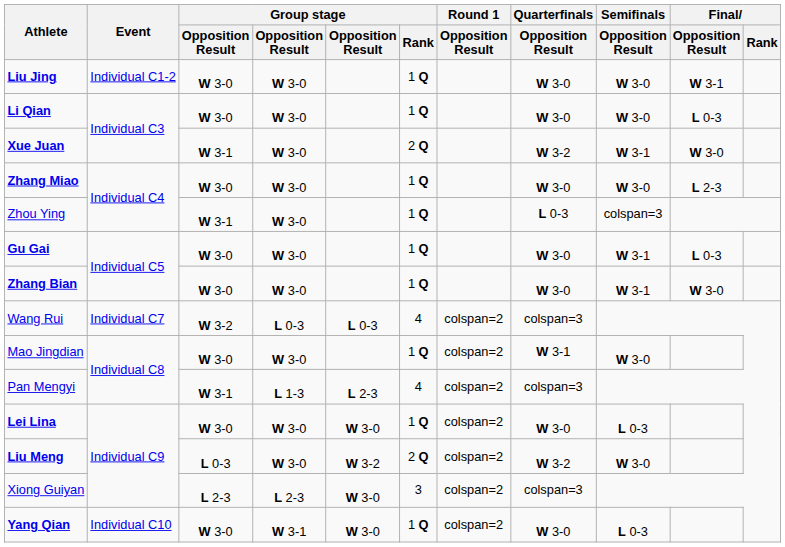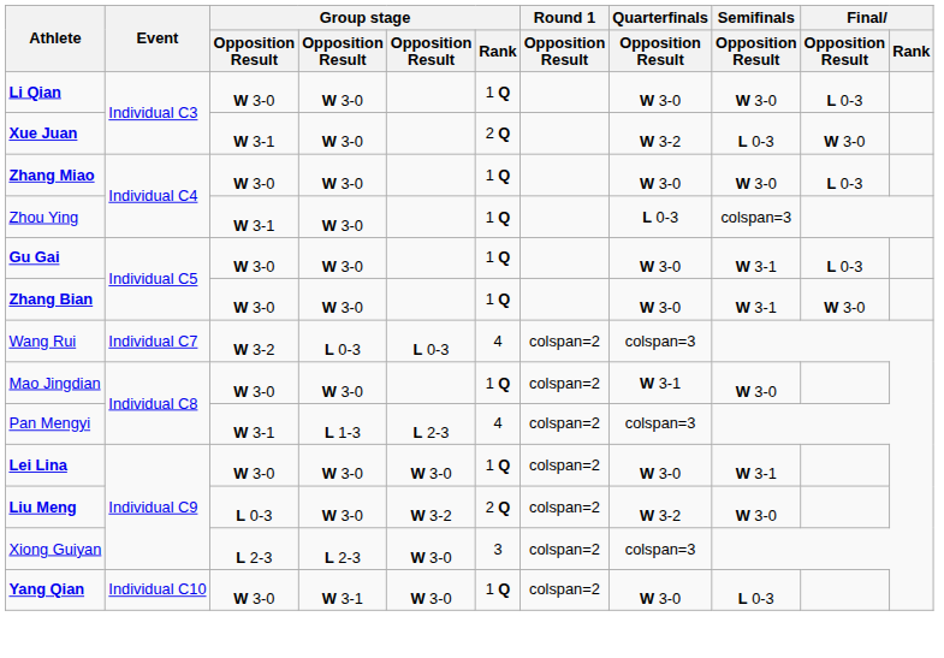 <table class=wikitable style="text-align: center; font-size:90%">
 <tr>
 <th rowspan="2">Athlete</th>
 <th rowspan="2">Event</th>
 <th colspan="4">Group stage</th>
 <th>Round 1</th>
 <th>Quarterfinals</th>
 <th>Semifinals</th>
 <th colspan="2">Final/</th>
 </tr>
 <tr>
 <th>Opposition<br>Result</th>
 <th>Opposition<br>Result</th>
 <th>Opposition<br>Result</th>
 <th>Rank</th>
 <th>Opposition<br>Result</th>
 <th>Opposition<br>Result</th>
 <th>Opposition<br>Result</th>
 <th>Opposition<br>Result</th>
 <th>Rank</th>
 </tr>
 <tr>
-<td align=left><strong><a href='#'>Liu Jing</a></strong></td>
-<td align=left><a href='#'>Individual C1-2</a></td>
-<td><br><strong>W</strong> 3-0</td>
-<td><br><strong>W</strong> 3-0</td>
-<td></td>
-<td>1 <strong>Q</strong></td>
-<td></td>
-<td><br><strong>W</strong> 3-0</td>
-<td><br><strong>W</strong> 3-0</td>
-<td><br><strong>W</strong> 3-1</td>
-<td></td>
-</tr>
-<tr>
 <td align=left><strong><a href='#'>Li Qian</a></strong></td>
 <td align=left rowspan=2><a href='#'>Individual C3</a></td>
 <td><br><strong>W</strong> 3-0</td>
 <td><br><strong>W</strong> 3-0</td>
 <td></td>
 <td>1 <strong>Q</strong></td>
 <td></td>
 <td><br><strong>W</strong> 3-0</td>
 <td><br><strong>W</strong> 3-0</td>
 <td><br><strong>L</strong> 0-3</td>
 <td></td>
 </tr>
 <tr>
 <td align=left><strong><a href='#'>Xue Juan</a></strong></td>
 <td><br><strong>W</strong> 3-1</td>
 <td><br><strong>W</strong> 3-0</td>
 <td></td>
 <td>2 <strong>Q</strong></td>
 <td></td>
 <td><br><strong>W</strong> 3-2</td>
-<td><br><strong>W</strong> 3-1</td>
+<td><br><strong>L</strong> 0-3</td>
 <td><br><strong>W</strong> 3-0</td>
 <td></td>
 </tr>
 <tr>
 <td align=left><strong><a href='#'>Zhang Miao</a></strong></td>
 <td align=left rowspan=2><a href='#'>Individual C4</a></td>
 <td><br><strong>W</strong> 3-0</td>
 <td><br><strong>W</strong> 3-0</td>
 <td></td>
 <td>1 <strong>Q</strong></td>
 <td></td>
 <td><br> <strong>W</strong> 3-0</td>
 <td> <br><strong>W</strong> 3-0</td>
-<td><br><strong>L</strong> 2-3</td>
+<td><br><strong>L</strong> 0-3</td>
 <td></td>
 </tr>
 <tr>
 <td align=left><a href='#'>Zhou Ying</a></td>
 <td><br><strong>W</strong> 3-1</td>
 <td><br><strong>W</strong> 3-0</td>
 <td></td>
 <td>1 <strong>Q</strong></td>
 <td></td>
 <td> <strong>L</strong> 0-3</td>
 <td>colspan=3</td>
 </tr>
 <tr>
 <td align=left><strong><a href='#'>Gu Gai</a></strong></td>
 <td align=left rowspan=2><a href='#'>Individual C5</a></td>
 <td><br><strong>W</strong> 3-0</td>
 <td><br><strong>W</strong> 3-0</td>
 <td></td>
 <td>1 <strong>Q</strong></td>
 <td></td>
 <td><br><strong>W</strong> 3-0</td>
 <td><br><strong>W</strong> 3-1</td>
 <td><br><strong>L</strong> 0-3</td>
 <td></td>
 </tr>
 <tr>
 <td align=left><strong><a href='#'>Zhang Bian</a></strong></td>
 <td><br><strong>W</strong> 3-0</td>
 <td><br><strong>W</strong> 3-0</td>
 <td></td>
 <td>1 <strong>Q</strong></td>
 <td></td>
 <td><br><strong>W</strong> 3-0</td>
 <td><br><strong>W</strong> 3-1</td>
 <td><br><strong>W</strong> 3-0</td>
 <td></td>
 </tr>
 <tr>
 <td align=left><a href='#'>Wang Rui</a></td>
 <td align=left><a href='#'>Individual C7</a></td>
 <td><br><strong>W</strong> 3-2</td>
 <td><br><strong>L</strong> 0-3</td>
 <td><br><strong>L</strong> 0-3</td>
 <td>4</td>
 <td>colspan=2</td>
 <td>colspan=3</td>
 </tr>
 <tr>
 <td align=left><a href='#'>Mao Jingdian</a></td>
 <td align=left rowspan=2><a href='#'>Individual C8</a></td>
 <td><br><strong>W</strong> 3-0</td>
 <td><br><strong>W</strong> 3-0</td>
 <td></td>
 <td>1 <strong>Q</strong></td>
 <td>colspan=2</td>
 <td><strong>W</strong> 3-1</td>
 <td><br><strong>W</strong> 3-0</td>
 <td></td>
 </tr>
 <tr>
 <td align=left><a href='#'>Pan Mengyi</a></td>
 <td><br><strong>W</strong> 3-1</td>
 <td><br><strong>L</strong> 1-3</td>
 <td><br><strong>L</strong> 2-3</td>
 <td>4</td>
 <td>colspan=2</td>
 <td>colspan=3</td>
 </tr>
 <tr>
 <td align=left><strong><a href='#'>Lei Lina</a></strong></td>
 <td align=left rowspan=3><a href='#'>Individual C9</a></td>
 <td><br><strong>W</strong> 3-0</td>
 <td><br><strong>W</strong> 3-0</td>
 <td><br><strong>W</strong> 3-0</td>
 <td>1 <strong>Q</strong></td>
 <td>colspan=2</td>
 <td><br><strong>W</strong> 3-0</td>
-<td><br><strong>L</strong> 0-3</td>
+<td><br><strong>W</strong> 3-1</td>
 <td></td>
 </tr>
 <tr>
 <td align=left><strong><a href='#'>Liu Meng</a></strong></td>
 <td><br><strong>L</strong> 0-3</td>
 <td><br><strong>W</strong> 3-0</td>
 <td><br><strong>W</strong> 3-2</td>
 <td>2 <strong>Q</strong></td>
 <td>colspan=2</td>
 <td><br><strong>W</strong> 3-2</td>
 <td><br><strong>W</strong> 3-0</td>
 <td></td>
 </tr>
 <tr>
 <td align=left><a href='#'>Xiong Guiyan</a></td>
 <td><br><strong>L</strong> 2-3</td>
 <td><br><strong>L</strong> 2-3</td>
 <td><br><strong>W</strong> 3-0</td>
 <td>3</td>
 <td>colspan=2</td>
 <td>colspan=3</td>
 </tr>
 <tr>
 <td align=left><strong><a href='#'>Yang Qian</a></strong></td>
 <td align=left rowspan=2><a href='#'>Individual C10</a></td>
 <td><br><strong>W</strong> 3-0</td>
 <td><br><strong>W</strong> 3-1</td>
 <td><br><strong>W</strong> 3-0</td>
 <td>1 <strong>Q</strong></td>
 <td>colspan=2</td>
 <td><br><strong>W</strong> 3-0</td>
 <td><br><strong>L</strong> 0-3</td>
 <td></td>
 </tr>
 </table>
